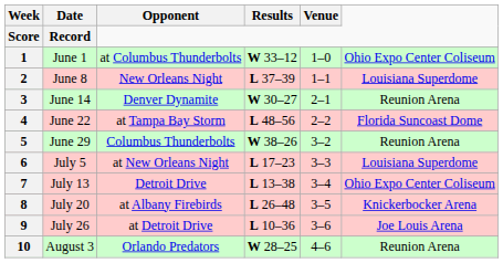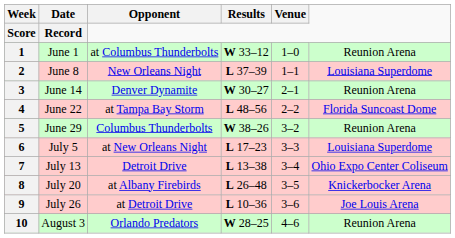 <table class="wikitable" style="text-align:center">
 <tr>
 <th>Week</th>
 <th>Date</th>
 <th>Opponent</th>
 <th>Results</th>
 <th>Venue</th>
 </tr>
 <tr>
 <th>Score</th>
 <th>Record</th>
 </tr>
 <tr style="background:#cfc">
 <th>1</th>
 <td>June 1</td>
 <td>at <a href='#'>Columbus Thunderbolts</a></td>
 <td><strong>W</strong> 33–12</td>
 <td>1–0</td>
-<td><a href='#'>Ohio Expo Center Coliseum</a></td>
+<td>Reunion Arena</td>
 </tr>
 <tr style="background:#fcc">
 <th>2</th>
 <td>June 8</td>
 <td><a href='#'>New Orleans Night</a></td>
 <td><strong>L</strong> 37–39</td>
 <td>1–1</td>
 <td><a href='#'>Louisiana Superdome</a></td>
 </tr>
 <tr style="background:#cfc">
 <th>3</th>
 <td>June 14</td>
 <td><a href='#'>Denver Dynamite</a></td>
 <td><strong>W</strong> 30–27</td>
 <td>2–1</td>
 <td>Reunion Arena</td>
 </tr>
 <tr style="background:#fcc">
 <th>4</th>
 <td>June 22</td>
 <td>at <a href='#'>Tampa Bay Storm</a></td>
 <td><strong>L</strong> 48–56</td>
 <td>2–2</td>
 <td><a href='#'>Florida Suncoast Dome</a></td>
 </tr>
 <tr style="background:#cfc">
 <th>5</th>
 <td>June 29</td>
 <td><a href='#'>Columbus Thunderbolts</a></td>
 <td><strong>W</strong> 38–26</td>
 <td>3–2</td>
 <td>Reunion Arena</td>
 </tr>
 <tr style="background:#fcc">
 <th>6</th>
 <td>July 5</td>
 <td>at <a href='#'>New Orleans Night</a></td>
 <td><strong>L</strong> 17–23</td>
 <td>3–3</td>
 <td><a href='#'>Louisiana Superdome</a></td>
 </tr>
 <tr style="background:#fcc">
 <th>7</th>
 <td>July 13</td>
 <td><a href='#'>Detroit Drive</a></td>
 <td><strong>L</strong> 13–38</td>
 <td>3–4</td>
 <td><a href='#'>Ohio Expo Center Coliseum</a></td>
 </tr>
 <tr style="background:#fcc">
 <th>8</th>
 <td>July 20</td>
 <td>at <a href='#'>Albany Firebirds</a></td>
 <td><strong>L</strong> 26–48</td>
 <td>3–5</td>
 <td><a href='#'>Knickerbocker Arena</a></td>
 </tr>
 <tr style="background:#fcc">
 <th>9</th>
 <td>July 26</td>
 <td>at <a href='#'>Detroit Drive</a></td>
 <td><strong>L</strong> 10–36</td>
 <td>3–6</td>
 <td><a href='#'>Joe Louis Arena</a></td>
 </tr>
 <tr style="background:#cfc">
 <th>10</th>
 <td>August 3</td>
 <td><a href='#'>Orlando Predators</a></td>
 <td><strong>W</strong> 28–25 </td>
 <td>4–6</td>
 <td>Reunion Arena</td>
 </tr>
 </table>
